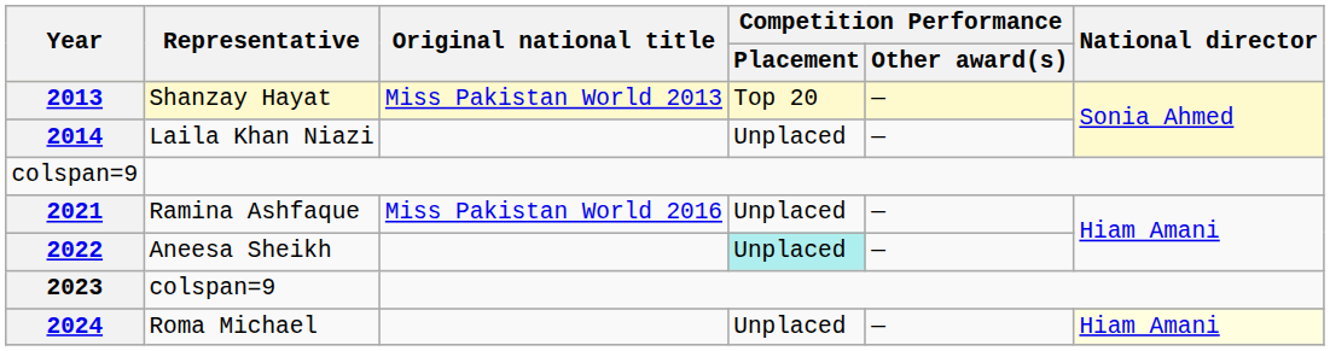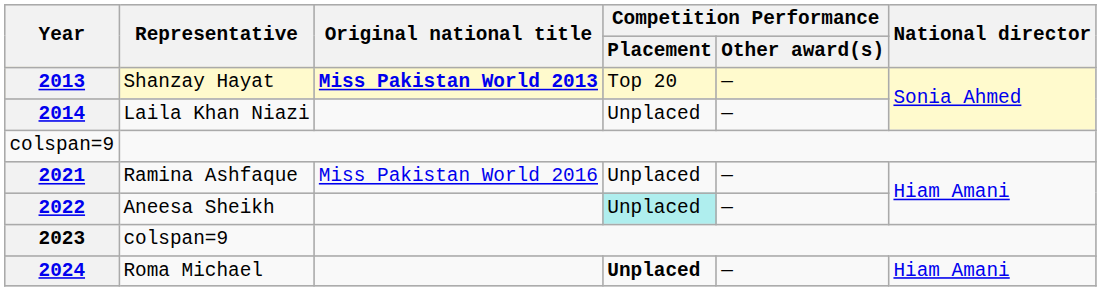 <table class="wikitable defaultcenter col2left col6left" style="font-size:95%;">
 <tr>
 <th rowspan=2>Year</th>
 <th rowspan=2>Representative</th>
 <th rowspan=2>Original national title</th>
 <th colspan=2>Competition Performance</th>
 <th rowspan=2>National director</th>
 </tr>
 <tr>
 <th>Placement</th>
 <th>Other award(s)</th>
 </tr>
 <tr bgcolor=#FFFACD>
 <th><a href='#'>2013</a></th>
 <td>Shanzay Hayat</td>
-<td><a href='#'>Miss Pakistan World 2013</a></td>
+<td><strong><a href='#'>Miss Pakistan World 2013</a></strong></td>
 <td>Top 20</td>
 <td>—</td>
 <td rowspan=2><a href='#'>Sonia Ahmed</a></td>
 </tr>
 <tr>
 <th><a href='#'>2014</a></th>
 <td>Laila Khan Niazi</td>
 <td></td>
 <td>Unplaced</td>
 <td>—</td>
 </tr>
 <tr>
 <td>colspan=9 </td>
 </tr>
 <tr>
 <th><a href='#'>2021</a></th>
 <td>Ramina Ashfaque</td>
 <td><a href='#'>Miss Pakistan World 2016</a></td>
 <td>Unplaced</td>
 <td>—</td>
 <td rowspan=2><a href='#'>Hiam Amani</a></td>
 </tr>
 <tr>
 <th><a href='#'>2022</a></th>
 <td>Aneesa Sheikh</td>
 <td></td>
 <td style="background: paleturquoise;">Unplaced</td>
 <td>—</td>
 </tr>
 <tr>
 <th>2023</th>
 <td>colspan=9 </td>
 </tr>
 <tr>
 <th><a href='#'>2024</a></th>
 <td>Roma Michael</td>
 <td></td>
-<td>Unplaced</td>
+<td><strong>Unplaced</strong></td>
 <td>—</td>
-<td style="background: lightyellow;"><a href='#'>Hiam Amani</a></td>
+<td><a href='#'>Hiam Amani</a></td>
 </tr>
 </table>
